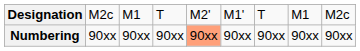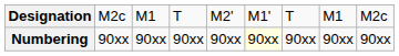 <table class="wikitable">
 <tr>
 <th>Designation</th>
 <td>M2c</td>
 <td>M1</td>
 <td>T</td>
 <td>M2'</td>
 <td>M1'</td>
 <td>T</td>
 <td>M1</td>
 <td>M2c</td>
 </tr>
 <tr>
 <th>Numbering</th>
 <td>90xx</td>
 <td>90xx</td>
 <td>90xx</td>
-<td style="background: lightsalmon;">90xx</td>
 <td>90xx</td>
+<td style="background: lightyellow;">90xx</td>
 <td>90xx</td>
 <td>90xx</td>
 <td>90xx</td>
 </tr>
 </table>
